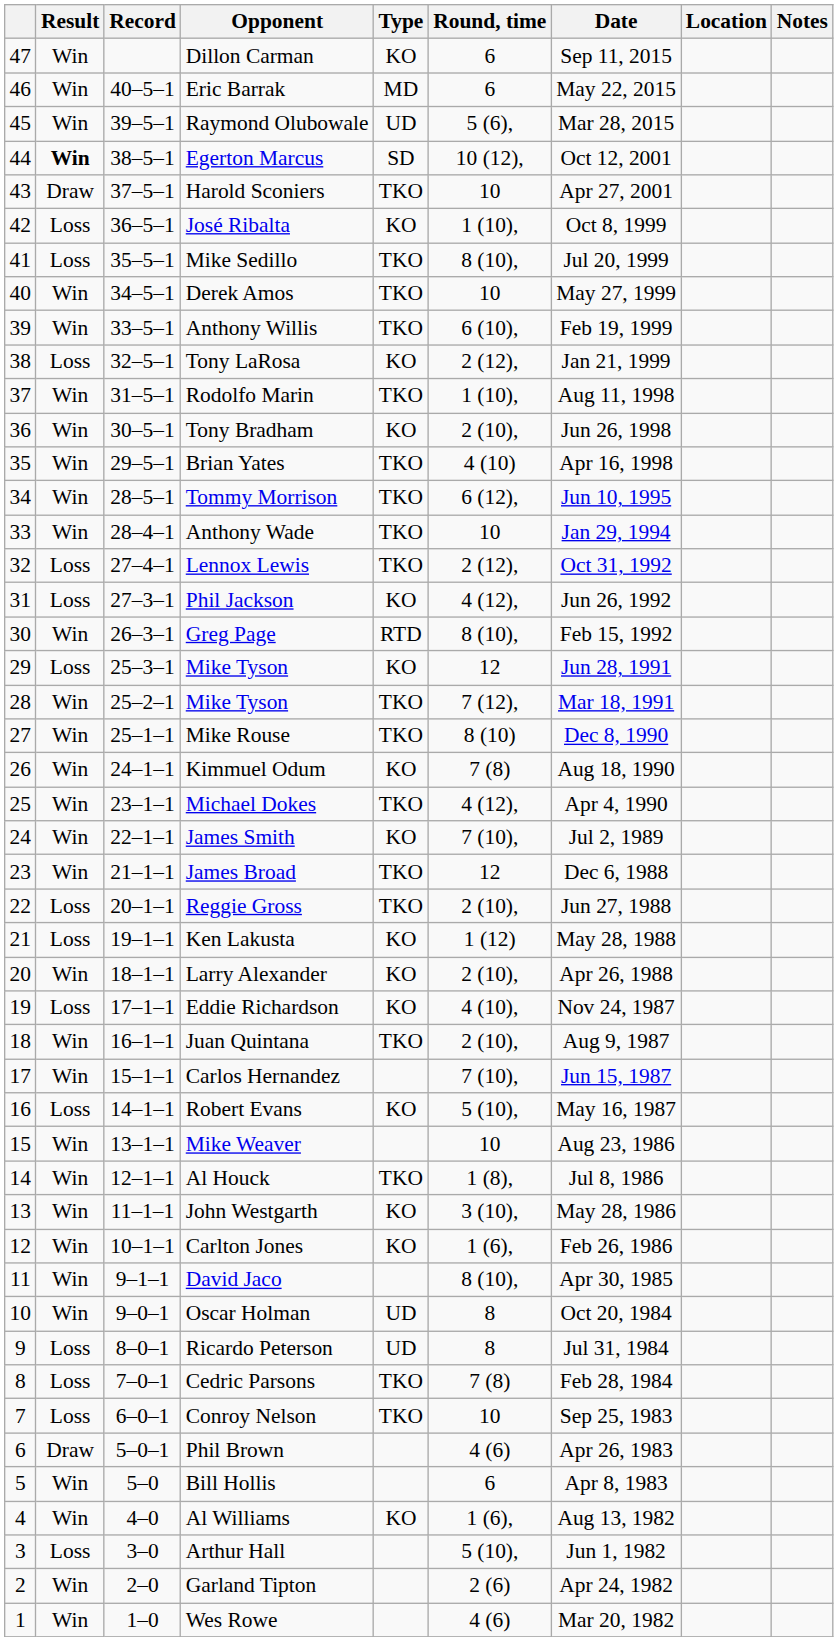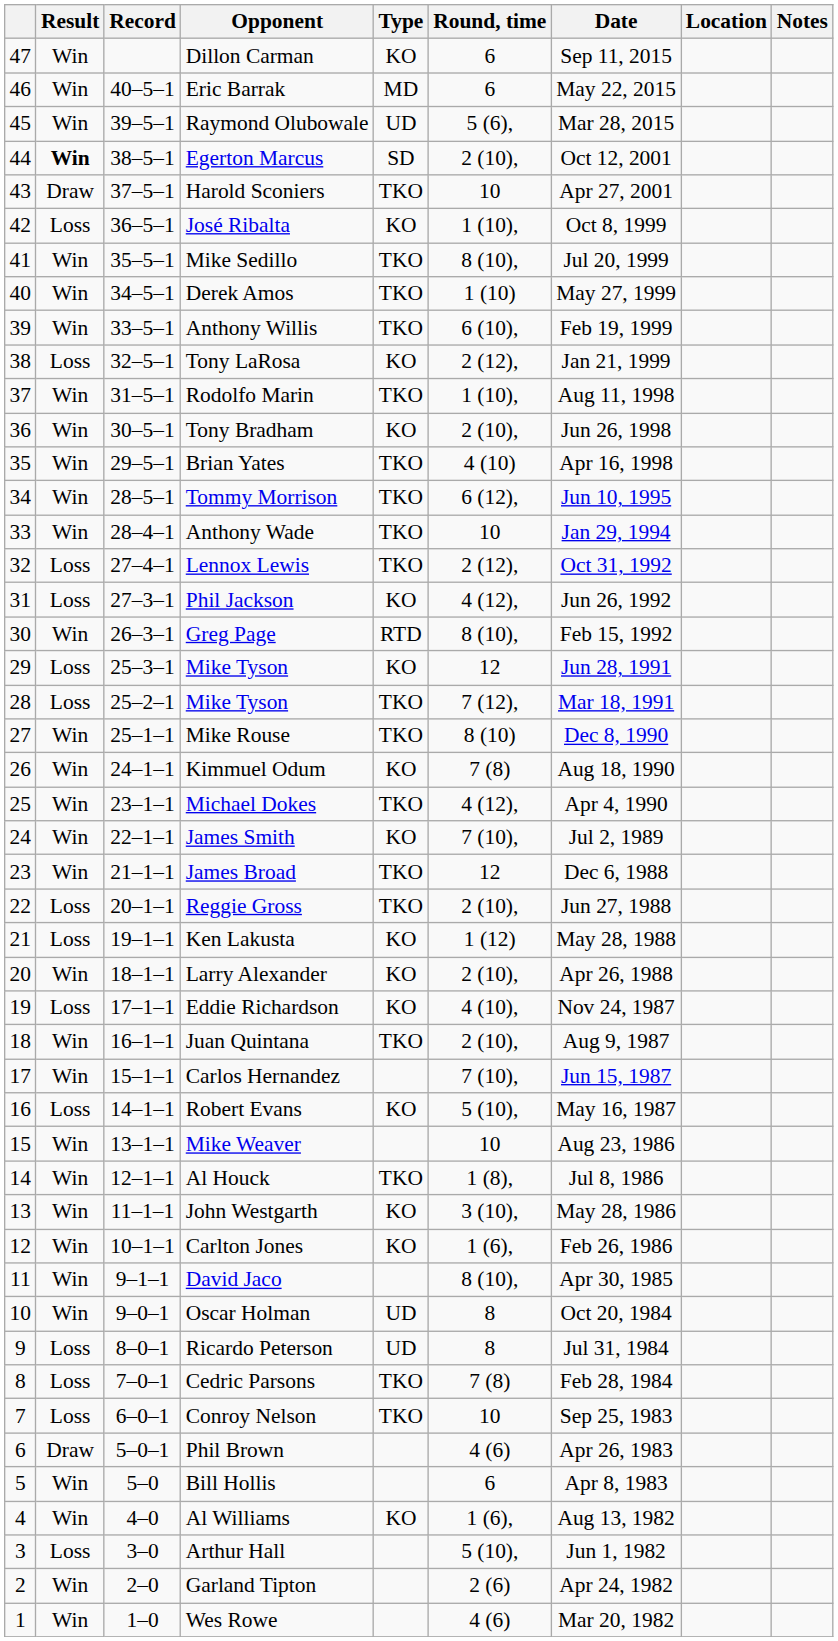 <table class="wikitable" style="text-align:center">
 <tr>
 <th></th>
 <th>Result</th>
 <th>Record</th>
 <th>Opponent</th>
 <th>Type</th>
 <th>Round, time</th>
 <th>Date</th>
 <th>Location</th>
 <th>Notes</th>
 </tr>
 <tr>
 <td>47</td>
 <td>Win</td>
 <td></td>
 <td style="text-align:left;">Dillon Carman</td>
 <td>KO</td>
 <td>6</td>
 <td>Sep 11, 2015</td>
 <td style="text-align:left;"></td>
 <td style="text-align:left;"></td>
 </tr>
 <tr>
 <td>46</td>
 <td>Win</td>
 <td>40–5–1</td>
 <td style="text-align:left;">Eric Barrak</td>
 <td>MD</td>
 <td>6</td>
 <td>May 22, 2015</td>
 <td style="text-align:left;"></td>
 <td></td>
 </tr>
 <tr>
 <td>45</td>
 <td>Win</td>
 <td>39–5–1</td>
 <td style="text-align:left;">Raymond Olubowale</td>
 <td>UD</td>
 <td>5 (6), </td>
 <td>Mar 28, 2015</td>
 <td style="text-align:left;"></td>
 <td></td>
 </tr>
 <tr>
 <td>44</td>
 <td><strong>Win</strong></td>
 <td>38–5–1</td>
 <td style="text-align:left;"><a href='#'>Egerton Marcus</a></td>
 <td>SD</td>
-<td>10 (12), </td>
+<td>2 (10), </td>
 <td>Oct 12, 2001</td>
 <td style="text-align:left;"></td>
 <td style="text-align:left;"></td>
 </tr>
 <tr>
 <td>43</td>
 <td>Draw</td>
 <td>37–5–1</td>
 <td style="text-align:left;">Harold Sconiers</td>
 <td>TKO</td>
 <td>10</td>
 <td>Apr 27, 2001</td>
 <td style="text-align:left;"></td>
 <td></td>
 </tr>
 <tr>
 <td>42</td>
 <td>Loss</td>
 <td>36–5–1</td>
 <td style="text-align:left;"><a href='#'>José Ribalta</a></td>
 <td>KO</td>
 <td>1 (10), </td>
 <td>Oct 8, 1999</td>
 <td style="text-align:left;"></td>
 <td></td>
 </tr>
 <tr>
 <td>41</td>
-<td>Loss</td>
+<td>Win</td>
 <td>35–5–1</td>
 <td style="text-align:left;">Mike Sedillo</td>
 <td>TKO</td>
 <td>8 (10), </td>
 <td>Jul 20, 1999</td>
 <td style="text-align:left;"></td>
 <td></td>
 </tr>
 <tr>
 <td>40</td>
 <td>Win</td>
 <td>34–5–1</td>
 <td style="text-align:left;">Derek Amos</td>
 <td>TKO</td>
-<td>10</td>
+<td>1 (10)</td>
 <td>May 27, 1999</td>
 <td style="text-align:left;"></td>
 <td></td>
 </tr>
 <tr>
 <td>39</td>
 <td>Win</td>
 <td>33–5–1</td>
 <td style="text-align:left;">Anthony Willis</td>
 <td>TKO</td>
 <td>6 (10), </td>
 <td>Feb 19, 1999</td>
 <td style="text-align:left;"></td>
 <td></td>
 </tr>
 <tr>
 <td>38</td>
 <td>Loss</td>
 <td>32–5–1</td>
 <td style="text-align:left;">Tony LaRosa</td>
 <td>KO</td>
 <td>2 (12), </td>
 <td>Jan 21, 1999</td>
 <td style="text-align:left;"></td>
 <td></td>
 </tr>
 <tr>
 <td>37</td>
 <td>Win</td>
 <td>31–5–1</td>
 <td style="text-align:left;">Rodolfo Marin</td>
 <td>TKO</td>
 <td>1 (10), </td>
 <td>Aug 11, 1998</td>
 <td style="text-align:left;"></td>
 <td></td>
 </tr>
 <tr>
 <td>36</td>
 <td>Win</td>
 <td>30–5–1</td>
 <td style="text-align:left;">Tony Bradham</td>
 <td>KO</td>
 <td>2 (10), </td>
 <td>Jun 26, 1998</td>
 <td style="text-align:left;"></td>
 <td></td>
 </tr>
 <tr>
 <td>35</td>
 <td>Win</td>
 <td>29–5–1</td>
 <td style="text-align:left;">Brian Yates</td>
 <td>TKO</td>
 <td>4 (10)</td>
 <td>Apr 16, 1998</td>
 <td style="text-align:left;"></td>
 <td></td>
 </tr>
 <tr>
 <td>34</td>
 <td>Win</td>
 <td>28–5–1</td>
 <td style="text-align:left;"><a href='#'>Tommy Morrison</a></td>
 <td>TKO</td>
 <td>6 (12), </td>
 <td><a href='#'>Jun 10, 1995</a></td>
 <td style="text-align:left;"></td>
 <td style="text-align:left;"></td>
 </tr>
 <tr>
 <td>33</td>
 <td>Win</td>
 <td>28–4–1</td>
 <td style="text-align:left;">Anthony Wade</td>
 <td>TKO</td>
 <td>10</td>
 <td><a href='#'>Jan 29, 1994</a></td>
 <td style="text-align:left;"></td>
 <td></td>
 </tr>
 <tr>
 <td>32</td>
 <td>Loss</td>
 <td>27–4–1</td>
 <td style="text-align:left;"><a href='#'>Lennox Lewis</a></td>
 <td>TKO</td>
 <td>2 (12), </td>
 <td><a href='#'>Oct 31, 1992</a></td>
 <td style="text-align:left;"></td>
 <td style="text-align:left;"></td>
 </tr>
 <tr>
 <td>31</td>
 <td>Loss</td>
 <td>27–3–1</td>
 <td style="text-align:left;"><a href='#'>Phil Jackson</a></td>
 <td>KO</td>
 <td>4 (12), </td>
 <td>Jun 26, 1992</td>
 <td style="text-align:left;"></td>
 <td style="text-align:left;"></td>
 </tr>
 <tr>
 <td>30</td>
 <td>Win</td>
 <td>26–3–1</td>
 <td style="text-align:left;"><a href='#'>Greg Page</a></td>
 <td>RTD</td>
 <td>8 (10), </td>
 <td>Feb 15, 1992</td>
 <td style="text-align:left;"></td>
 <td></td>
 </tr>
 <tr>
 <td>29</td>
 <td>Loss</td>
 <td>25–3–1</td>
 <td style="text-align:left;"><a href='#'>Mike Tyson</a></td>
 <td>KO</td>
 <td>12</td>
 <td><a href='#'>Jun 28, 1991</a></td>
 <td style="text-align:left;"></td>
 <td></td>
 </tr>
 <tr>
 <td>28</td>
-<td>Win</td>
+<td>Loss</td>
 <td>25–2–1</td>
 <td style="text-align:left;"><a href='#'>Mike Tyson</a></td>
 <td>TKO</td>
 <td>7 (12), </td>
 <td><a href='#'>Mar 18, 1991</a></td>
 <td style="text-align:left;"></td>
 <td></td>
 </tr>
 <tr>
 <td>27</td>
 <td>Win</td>
 <td>25–1–1</td>
 <td style="text-align:left;">Mike Rouse</td>
 <td>TKO</td>
 <td>8 (10)</td>
 <td><a href='#'>Dec 8, 1990</a></td>
 <td style="text-align:left;"></td>
 <td></td>
 </tr>
 <tr>
 <td>26</td>
 <td>Win</td>
 <td>24–1–1</td>
 <td style="text-align:left;">Kimmuel Odum</td>
 <td>KO</td>
 <td>7 (8)</td>
 <td>Aug 18, 1990</td>
 <td style="text-align:left;"></td>
 <td></td>
 </tr>
 <tr>
 <td>25</td>
 <td>Win</td>
 <td>23–1–1</td>
 <td style="text-align:left;"><a href='#'>Michael Dokes</a></td>
 <td>TKO</td>
 <td>4 (12), </td>
 <td>Apr 4, 1990</td>
 <td style="text-align:left;"></td>
 <td style="text-align:left;"></td>
 </tr>
 <tr>
 <td>24</td>
 <td>Win</td>
 <td>22–1–1</td>
 <td style="text-align:left;"><a href='#'>James Smith</a></td>
 <td>KO</td>
 <td>7 (10), </td>
 <td>Jul 2, 1989</td>
 <td style="text-align:left;"></td>
 <td></td>
 </tr>
 <tr>
 <td>23</td>
 <td>Win</td>
 <td>21–1–1</td>
 <td style="text-align:left;"><a href='#'>James Broad</a></td>
 <td>TKO</td>
 <td>12</td>
 <td>Dec 6, 1988</td>
 <td style="text-align:left;"></td>
 <td></td>
 </tr>
 <tr>
 <td>22</td>
 <td>Loss</td>
 <td>20–1–1</td>
 <td style="text-align:left;"><a href='#'>Reggie Gross</a></td>
 <td>TKO</td>
 <td>2 (10), </td>
 <td>Jun 27, 1988</td>
 <td style="text-align:left;"></td>
 <td></td>
 </tr>
 <tr>
 <td>21</td>
 <td>Loss</td>
 <td>19–1–1</td>
 <td style="text-align:left;">Ken Lakusta</td>
 <td>KO</td>
 <td>1 (12)</td>
 <td>May 28, 1988</td>
 <td style="text-align:left;"></td>
 <td style="text-align:left;"></td>
 </tr>
 <tr>
 <td>20</td>
 <td>Win</td>
 <td>18–1–1</td>
 <td style="text-align:left;">Larry Alexander</td>
 <td>KO</td>
 <td>2 (10), </td>
 <td>Apr 26, 1988</td>
 <td style="text-align:left;"></td>
 <td></td>
 </tr>
 <tr>
 <td>19</td>
 <td>Loss</td>
 <td>17–1–1</td>
 <td style="text-align:left;">Eddie Richardson</td>
 <td>KO</td>
 <td>4 (10), </td>
 <td>Nov 24, 1987</td>
 <td style="text-align:left;"></td>
 <td></td>
 </tr>
 <tr>
 <td>18</td>
 <td>Win</td>
 <td>16–1–1</td>
 <td style="text-align:left;">Juan Quintana</td>
 <td>TKO</td>
 <td>2 (10), </td>
 <td>Aug 9, 1987</td>
 <td style="text-align:left;"></td>
 <td></td>
 </tr>
 <tr>
 <td>17</td>
 <td>Win</td>
 <td>15–1–1</td>
 <td style="text-align:left;">Carlos Hernandez</td>
 <td></td>
 <td>7 (10), </td>
 <td><a href='#'>Jun 15, 1987</a></td>
 <td style="text-align:left;"></td>
 <td style="text-align:left;"></td>
 </tr>
 <tr>
 <td>16</td>
 <td>Loss</td>
 <td>14–1–1</td>
 <td style="text-align:left;">Robert Evans</td>
 <td>KO</td>
 <td>5 (10), </td>
 <td>May 16, 1987</td>
 <td style="text-align:left;"></td>
 <td></td>
 </tr>
 <tr>
 <td>15</td>
 <td>Win</td>
 <td>13–1–1</td>
 <td style="text-align:left;"><a href='#'>Mike Weaver</a></td>
 <td></td>
 <td>10</td>
 <td>Aug 23, 1986</td>
 <td style="text-align:left;"></td>
 <td></td>
 </tr>
 <tr>
 <td>14</td>
 <td>Win</td>
 <td>12–1–1</td>
 <td style="text-align:left;">Al Houck</td>
 <td>TKO</td>
 <td>1 (8), </td>
 <td>Jul 8, 1986</td>
 <td style="text-align:left;"></td>
 <td></td>
 </tr>
 <tr>
 <td>13</td>
 <td>Win</td>
 <td>11–1–1</td>
 <td style="text-align:left;">John Westgarth</td>
 <td>KO</td>
 <td>3 (10), </td>
 <td>May 28, 1986</td>
 <td style="text-align:left;"></td>
 <td></td>
 </tr>
 <tr>
 <td>12</td>
 <td>Win</td>
 <td>10–1–1</td>
 <td style="text-align:left;">Carlton Jones</td>
 <td>KO</td>
 <td>1 (6), </td>
 <td>Feb 26, 1986</td>
 <td style="text-align:left;"></td>
 <td></td>
 </tr>
 <tr>
 <td>11</td>
 <td>Win</td>
 <td>9–1–1</td>
 <td style="text-align:left;"><a href='#'>David Jaco</a></td>
 <td></td>
 <td>8 (10), </td>
 <td>Apr 30, 1985</td>
 <td style="text-align:left;"></td>
 <td></td>
 </tr>
 <tr>
 <td>10</td>
 <td>Win</td>
 <td>9–0–1</td>
 <td style="text-align:left;">Oscar Holman</td>
 <td>UD</td>
 <td>8</td>
 <td>Oct 20, 1984</td>
 <td style="text-align:left;"></td>
 <td></td>
 </tr>
 <tr>
 <td>9</td>
 <td>Loss</td>
 <td>8–0–1</td>
 <td style="text-align:left;">Ricardo Peterson</td>
 <td>UD</td>
 <td>8</td>
 <td>Jul 31, 1984</td>
 <td style="text-align:left;"></td>
 <td></td>
 </tr>
 <tr>
 <td>8</td>
 <td>Loss</td>
 <td>7–0–1</td>
 <td style="text-align:left;">Cedric Parsons</td>
 <td>TKO</td>
 <td>7 (8)</td>
 <td>Feb 28, 1984</td>
 <td style="text-align:left;"></td>
 <td></td>
 </tr>
 <tr>
 <td>7</td>
 <td>Loss</td>
 <td>6–0–1</td>
 <td style="text-align:left;">Conroy Nelson</td>
 <td>TKO</td>
 <td>10</td>
 <td>Sep 25, 1983</td>
 <td style="text-align:left;"></td>
 <td></td>
 </tr>
 <tr>
 <td>6</td>
 <td>Draw</td>
 <td>5–0–1</td>
 <td style="text-align:left;">Phil Brown</td>
 <td></td>
 <td>4 (6)</td>
 <td>Apr 26, 1983</td>
 <td style="text-align:left;"></td>
 <td></td>
 </tr>
 <tr>
 <td>5</td>
 <td>Win</td>
 <td>5–0</td>
 <td style="text-align:left;">Bill Hollis</td>
 <td></td>
 <td>6</td>
 <td>Apr 8, 1983</td>
 <td style="text-align:left;"></td>
 <td></td>
 </tr>
 <tr>
 <td>4</td>
 <td>Win</td>
 <td>4–0</td>
 <td style="text-align:left;">Al Williams</td>
 <td>KO</td>
 <td>1 (6), </td>
 <td>Aug 13, 1982</td>
 <td style="text-align:left;"></td>
 <td></td>
 </tr>
 <tr>
 <td>3</td>
 <td>Loss</td>
 <td>3–0</td>
 <td style="text-align:left;">Arthur Hall</td>
 <td></td>
 <td>5 (10), </td>
 <td>Jun 1, 1982</td>
 <td style="text-align:left;"></td>
 <td></td>
 </tr>
 <tr>
 <td>2</td>
 <td>Win</td>
 <td>2–0</td>
 <td style="text-align:left;">Garland Tipton</td>
 <td></td>
 <td>2 (6)</td>
 <td>Apr 24, 1982</td>
 <td style="text-align:left;"></td>
 <td></td>
 </tr>
 <tr>
 <td>1</td>
 <td>Win</td>
 <td>1–0</td>
 <td style="text-align:left;">Wes Rowe</td>
 <td></td>
 <td>4 (6)</td>
 <td>Mar 20, 1982</td>
 <td style="text-align:left;"></td>
 <td></td>
 </tr>
 </table>
